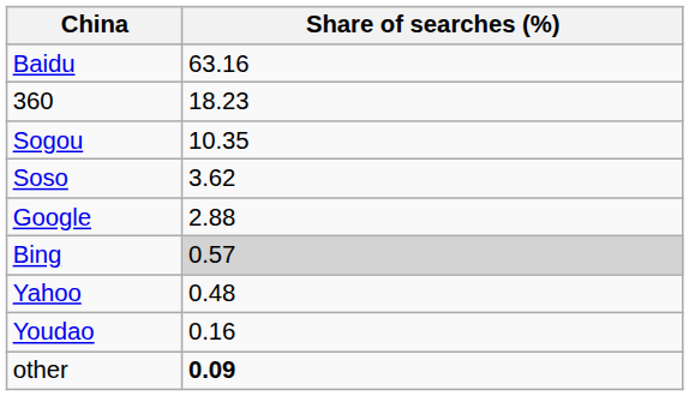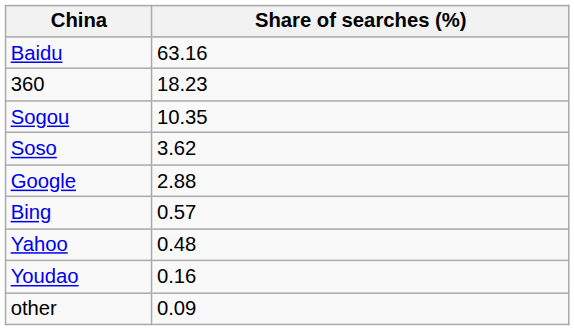 <table class = "wikitable" style = "float:right; font-size:85%; margin-left:15px; width:30%">
 <tr style="background:#efefef;">
 <th>China</th>
 <th>Share of searches (%)</th>
 </tr>
 <tr>
 <td><a href='#'>Baidu</a></td>
 <td>63.16</td>
 </tr>
 <tr>
 <td>360</td>
 <td>18.23</td>
 </tr>
 <tr>
 <td><a href='#'>Sogou</a></td>
 <td>10.35</td>
 </tr>
 <tr>
 <td><a href='#'>Soso</a></td>
 <td>3.62</td>
 </tr>
 <tr>
 <td><a href='#'>Google</a></td>
 <td>2.88</td>
 </tr>
 <tr>
 <td><a href='#'>Bing</a></td>
-<td style="background: lightgrey;">0.57</td>
+<td>0.57</td>
 </tr>
 <tr>
 <td><a href='#'>Yahoo</a></td>
 <td>0.48</td>
 </tr>
 <tr>
 <td><a href='#'>Youdao</a></td>
 <td>0.16</td>
 </tr>
 <tr>
 <td>other</td>
-<td><strong>0.09</strong></td>
+<td>0.09</td>
 </tr>
 </table>
